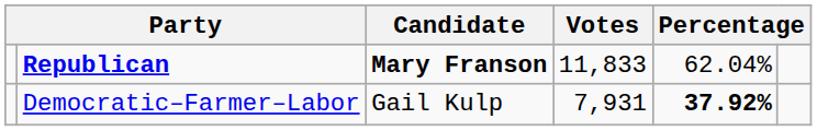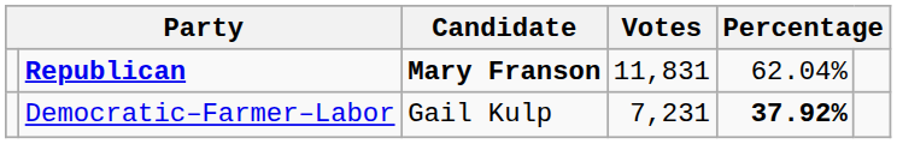 <table class="wikitable" style="text-align:right;">
 <tr style="background-color:#E9E9E9;text-align:center;">
 <th colspan=2>Party</th>
 <th>Candidate</th>
 <th>Votes</th>
 <th colspan=2>Percentage</th>
 </tr>
 <tr>
 <td style="background-color:"></td>
 <td style="text-align:left;"><strong><a href='#'>Republican</a></strong></td>
 <td style="text-align:left;"><strong>Mary Franson</strong></td>
-<td style="text-align:right;">11,833</td>
+<td style="text-align:right;">11,831</td>
 <td style="text-align:right;">62.04%</td>
 <td style="text-align:right;"><div><div> </div></div></td>
 </tr>
 <tr>
 <td style="background-color:"></td>
 <td style="text-align:left;"><a href='#'>Democratic–Farmer–Labor</a></td>
 <td style="text-align:left;">Gail Kulp</td>
-<td style="text-align:right;">7,931</td>
+<td style="text-align:right;">7,231</td>
 <td style="text-align:right;"><strong>37.92%</strong></td>
 <td style="text-align:right;"><div><div> </div></div></td>
 </tr>
 </table>
